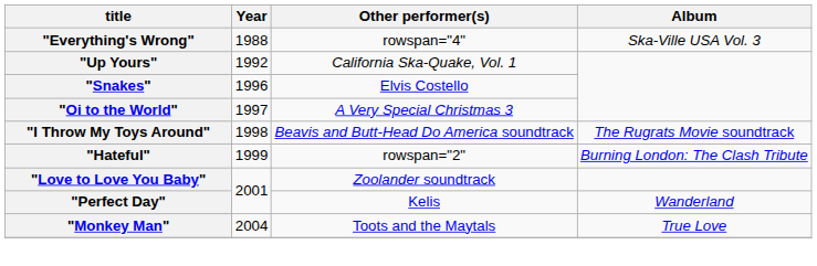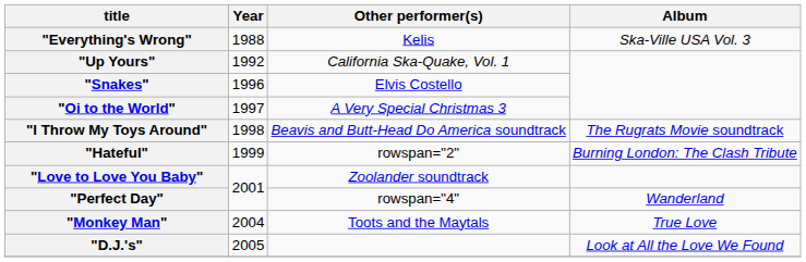 <table class="wikitable plainrowheaders" style="text-align:center;">
 <tr>
 <th scope="col" style="width:15em;">title</th>
 <th scope="col">Year</th>
 <th scope="col">Other performer(s)</th>
 <th scope="col">Album</th>
 </tr>
 <tr>
 <th scope="row">"Everything's Wrong"</th>
 <td>1988</td>
-<td>rowspan="4" </td>
+<td><a href='#'>Kelis</a></td>
 <td><em>Ska-Ville USA Vol. 3</em></td>
 </tr>
 <tr>
 <th scope="row">"Up Yours"</th>
 <td>1992</td>
 <td><em>California Ska-Quake, Vol. 1</em></td>
 </tr>
 <tr>
 <th scope="row">"<a href='#'>Snakes</a>"</th>
 <td>1996</td>
 <td><a href='#'>Elvis Costello</a></td>
 </tr>
 <tr>
 <th scope="row">"<a href='#'>Oi to the World</a>"</th>
 <td>1997</td>
 <td><em><a href='#'>A Very Special Christmas 3</a></em></td>
 </tr>
 <tr>
 <th scope="row">"I Throw My Toys Around"</th>
 <td>1998</td>
 <td><a href='#'><em>Beavis and Butt-Head Do America</em> soundtrack</a></td>
 <td><a href='#'><em>The Rugrats Movie</em> soundtrack</a></td>
 </tr>
 <tr>
 <th scope="row">"Hateful"</th>
 <td>1999</td>
 <td>rowspan="2" </td>
 <td><em><a href='#'>Burning London: The Clash Tribute</a></em></td>
 </tr>
 <tr>
 <th scope="row">"<a href='#'>Love to Love You Baby</a>"</th>
 <td rowspan="2">2001</td>
 <td><a href='#'><em>Zoolander</em> soundtrack</a></td>
 </tr>
 <tr>
 <th scope="row">"Perfect Day"</th>
-<td><a href='#'>Kelis</a></td>
+<td>rowspan="4" </td>
 <td><em><a href='#'>Wanderland</a></em></td>
 </tr>
 <tr>
 <th scope="row">"<a href='#'>Monkey Man</a>"</th>
 <td>2004</td>
 <td><a href='#'>Toots and the Maytals</a></td>
 <td><em><a href='#'>True Love</a></em></td>
 </tr>
 <tr>
+<th scope="row">"D.J.'s"</th>
+<td>2005</td>
+<td></td>
+<td><em><a href='#'>Look at All the Love We Found</a></em></td>
+</tr>
+<tr>
 </tr>
 </table>
